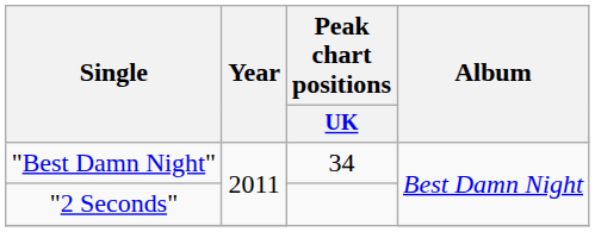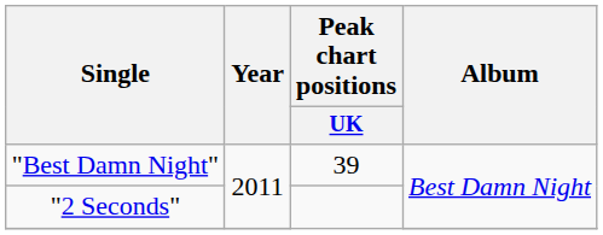 <table class="wikitable plainrowheaders" style="text-align:center;">
 <tr>
 <th scope="col" rowspan="2">Single</th>
 <th scope="col" rowspan="2">Year</th>
 <th scope="col">Peak chart positions</th>
 <th scope="col" rowspan="2">Album</th>
 </tr>
 <tr>
 <th scope="col" style="width:3em;font-size:85%;"><a href='#'>UK</a></th>
 </tr>
 <tr>
 <td>"<a href='#'>Best Damn Night</a>"</td>
 <td rowspan="2">2011</td>
-<td>34</td>
+<td>39</td>
 <td rowspan="2"><em><a href='#'>Best Damn Night</a></em></td>
 </tr>
 <tr>
 <td>"<a href='#'>2 Seconds</a>"</td>
 </tr>
 <tr>
 </tr>
 </table>
